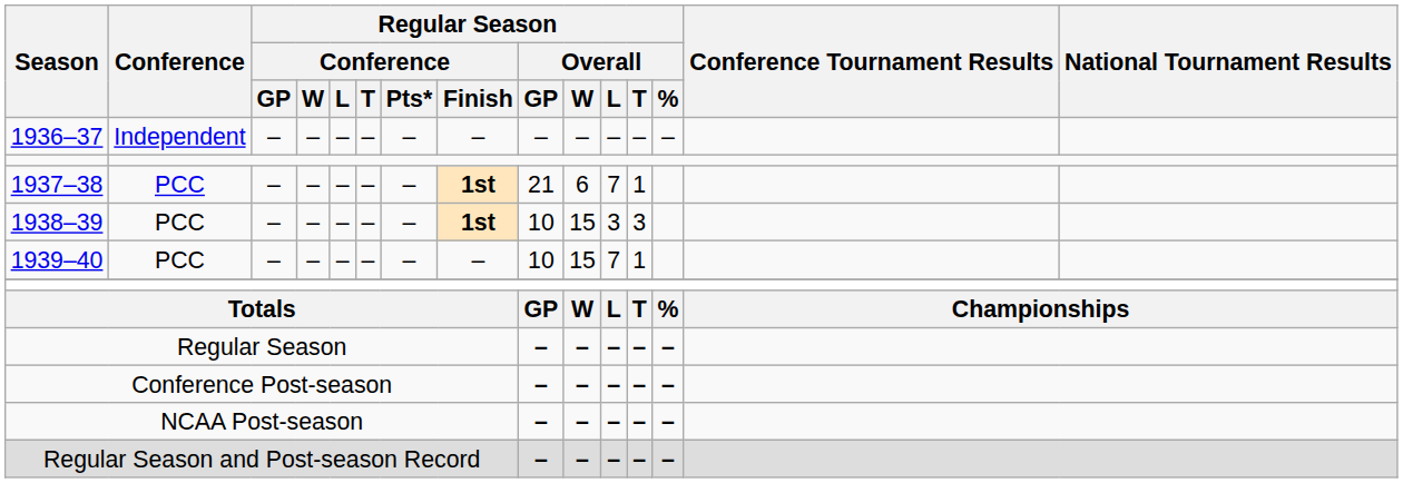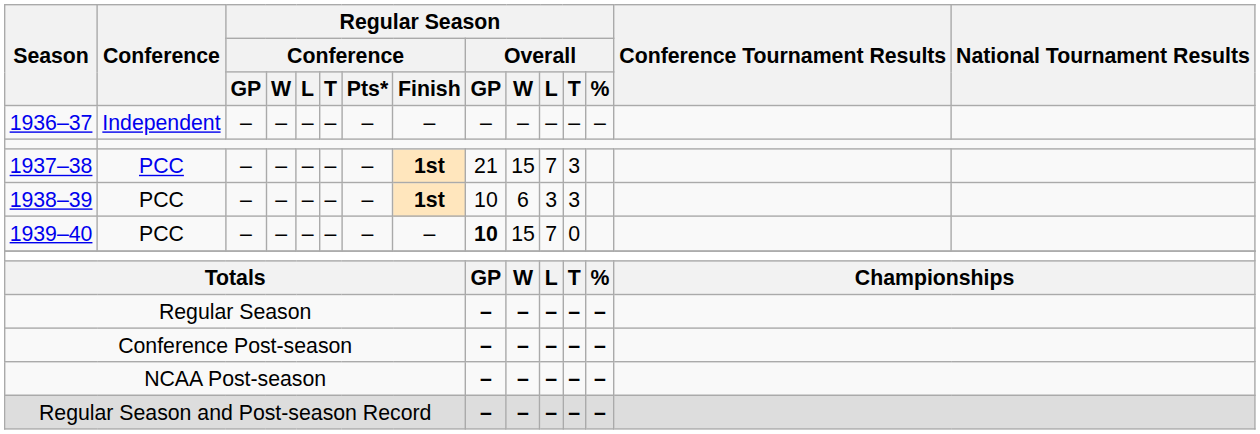 <table class="wikitable" style="text-align: center; font-size: 95%">
 <tr>
 <th rowspan="3">Season</th>
 <th rowspan="3">Conference</th>
 <th colspan="11">Regular Season</th>
 <th rowspan="3">Conference Tournament Results</th>
 <th rowspan="3">National Tournament Results</th>
 </tr>
 <tr>
 <th colspan="6">Conference</th>
 <th colspan="5">Overall</th>
 </tr>
 <tr>
 <th>GP</th>
 <th>W</th>
 <th>L</th>
 <th>T</th>
 <th>Pts*</th>
 <th>Finish</th>
 <th>GP</th>
 <th>W</th>
 <th>L</th>
 <th>T</th>
 <th>%</th>
 </tr>
 <tr>
 <td><a href='#'>1936–37</a></td>
 <td><a href='#'>Independent</a></td>
 <td>–</td>
 <td>–</td>
 <td>–</td>
 <td>–</td>
 <td>–</td>
 <td>–</td>
 <td>–</td>
 <td>–</td>
 <td>–</td>
 <td>–</td>
 <td>–</td>
 <td align="left"></td>
 <td align="left"></td>
 </tr>
 <tr>
 <td><a href='#'></a> </td>
 </tr>
 <tr>
 <td><a href='#'>1937–38</a></td>
 <td><a href='#'>PCC</a></td>
 <td>–</td>
 <td>–</td>
 <td>–</td>
 <td>–</td>
 <td>–</td>
 <td style="background: #FFE6BD;"><strong>1st</strong></td>
 <td>21</td>
-<td>6</td>
+<td>15</td>
 <td>7</td>
-<td>1</td>
+<td>3</td>
 <td></td>
 <td align="left"></td>
 <td align="left"></td>
 </tr>
 <tr>
 <td><a href='#'>1938–39</a></td>
 <td>PCC</td>
 <td>–</td>
 <td>–</td>
 <td>–</td>
 <td>–</td>
 <td>–</td>
 <td style="background: #FFE6BD;"><strong>1st</strong></td>
 <td>10</td>
-<td>15</td>
+<td>6</td>
 <td>3</td>
 <td>3</td>
 <td></td>
 <td align="left"></td>
 <td align="left"></td>
 </tr>
 <tr>
 <td><a href='#'>1939–40</a></td>
 <td>PCC</td>
 <td>–</td>
 <td>–</td>
 <td>–</td>
 <td>–</td>
 <td>–</td>
 <td>–</td>
-<td>10</td>
+<td><strong>10</strong></td>
 <td>15</td>
 <td>7</td>
-<td>1</td>
+<td>0</td>
 <td></td>
 <td align="left"></td>
 <td align="left"></td>
 </tr>
 <tr>
 </tr>
 <tr ->
 </tr>
 <tr>
 <td colspan="16" style="background:#fff;"></td>
 </tr>
 <tr>
 <th colspan="8">Totals</th>
 <th>GP</th>
 <th>W</th>
 <th>L</th>
 <th>T</th>
 <th>%</th>
 <th colspan="2">Championships</th>
 </tr>
 <tr>
 <td colspan="8">Regular Season</td>
 <td><strong>–</strong></td>
 <td><strong>–</strong></td>
 <td><strong>–</strong></td>
 <td><strong>–</strong></td>
 <td><strong>–</strong></td>
 <td colspan="2" align="left"></td>
 </tr>
 <tr>
 <td colspan="8">Conference Post-season</td>
 <td><strong>–</strong></td>
 <td><strong>–</strong></td>
 <td><strong>–</strong></td>
 <td><strong>–</strong></td>
 <td><strong>–</strong></td>
 <td colspan="2" align="left"></td>
 </tr>
 <tr>
 <td colspan="8">NCAA Post-season</td>
 <td><strong>–</strong></td>
 <td><strong>–</strong></td>
 <td><strong>–</strong></td>
 <td><strong>–</strong></td>
 <td><strong>–</strong></td>
 <td colspan="2" align="left"></td>
 </tr>
 <tr bgcolor=dddddd>
 <td colspan="8">Regular Season and Post-season Record</td>
 <td><strong>–</strong></td>
 <td><strong>–</strong></td>
 <td><strong>–</strong></td>
 <td><strong>–</strong></td>
 <td><strong>–</strong></td>
 <td colspan="2" align="left"></td>
 </tr>
 </table>
